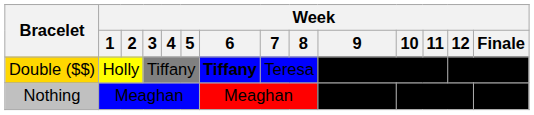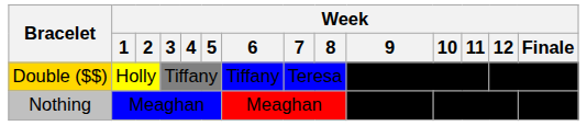 <table class="wikitable"  style="text-align:center; margin:auto;">
 <tr>
 <th rowspan=2>Bracelet</th>
 <th colspan=13>Week</th>
 </tr>
 <tr>
 <th>1</th>
 <th>2</th>
 <th>3</th>
 <th>4</th>
 <th>5</th>
 <th>6</th>
 <th>7</th>
 <th>8</th>
 <th>9</th>
 <th>10</th>
 <th>11</th>
 <th>12</th>
 <th>Finale</th>
 </tr>
 <tr>
 <td style="background:gold;">Double ($$)</td>
 <td style="background:yellow;" colspan="2">Holly</td>
 <td style="background:gray;" colspan="3">Tiffany</td>
-<td style="background:blue;"><strong><span>Tiffany</span></strong></td>
+<td style="background:blue;"><span>Tiffany</span></td>
 <td style="background:blue;" colspan="2"><span>Teresa</span></td>
 <td style="background:black;" colspan="3"><span>Sammy</span></td>
 <td style="background:black;" colspan="2"><span>Tiffany</span></td>
 </tr>
 <tr>
 <td style="background:silver;">Nothing</td>
 <td style="background:blue;" colspan="5"><span>Meaghan</span></td>
 <td style="background:red;" colspan="3"><span>Meaghan</span></td>
 <td style="background:black;"><strong><span>Meaghan</span></strong></td>
 <td style="background:black;" colspan="3"><span>Cameron</span></td>
-<td style="background:black;"><strong><span>Sharif</span></strong></td>
+<td style="background:black;"><span>Sharif</span></td>
 </tr>
 </table>
